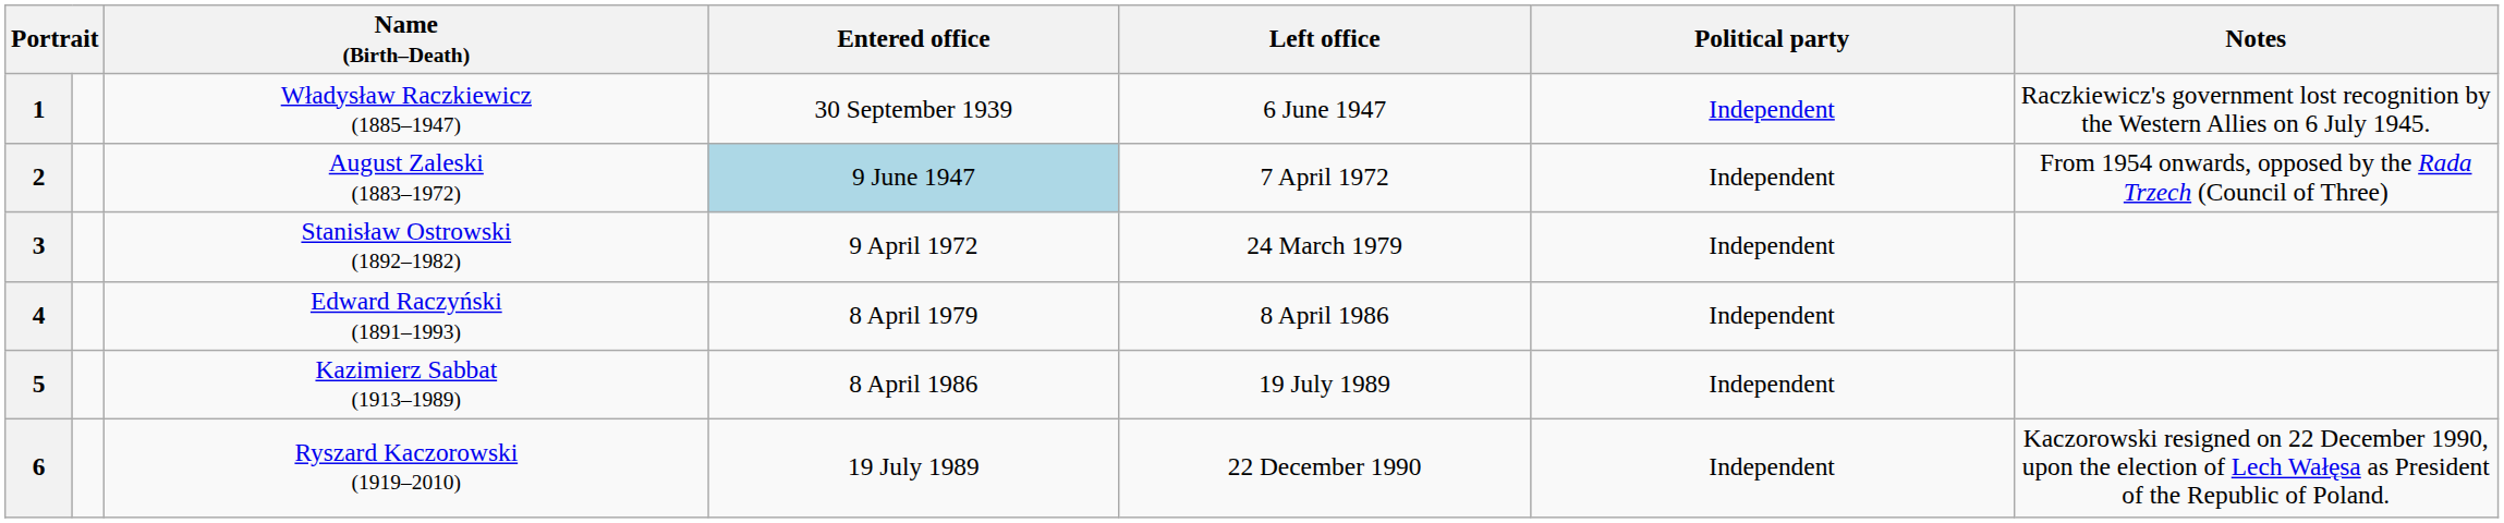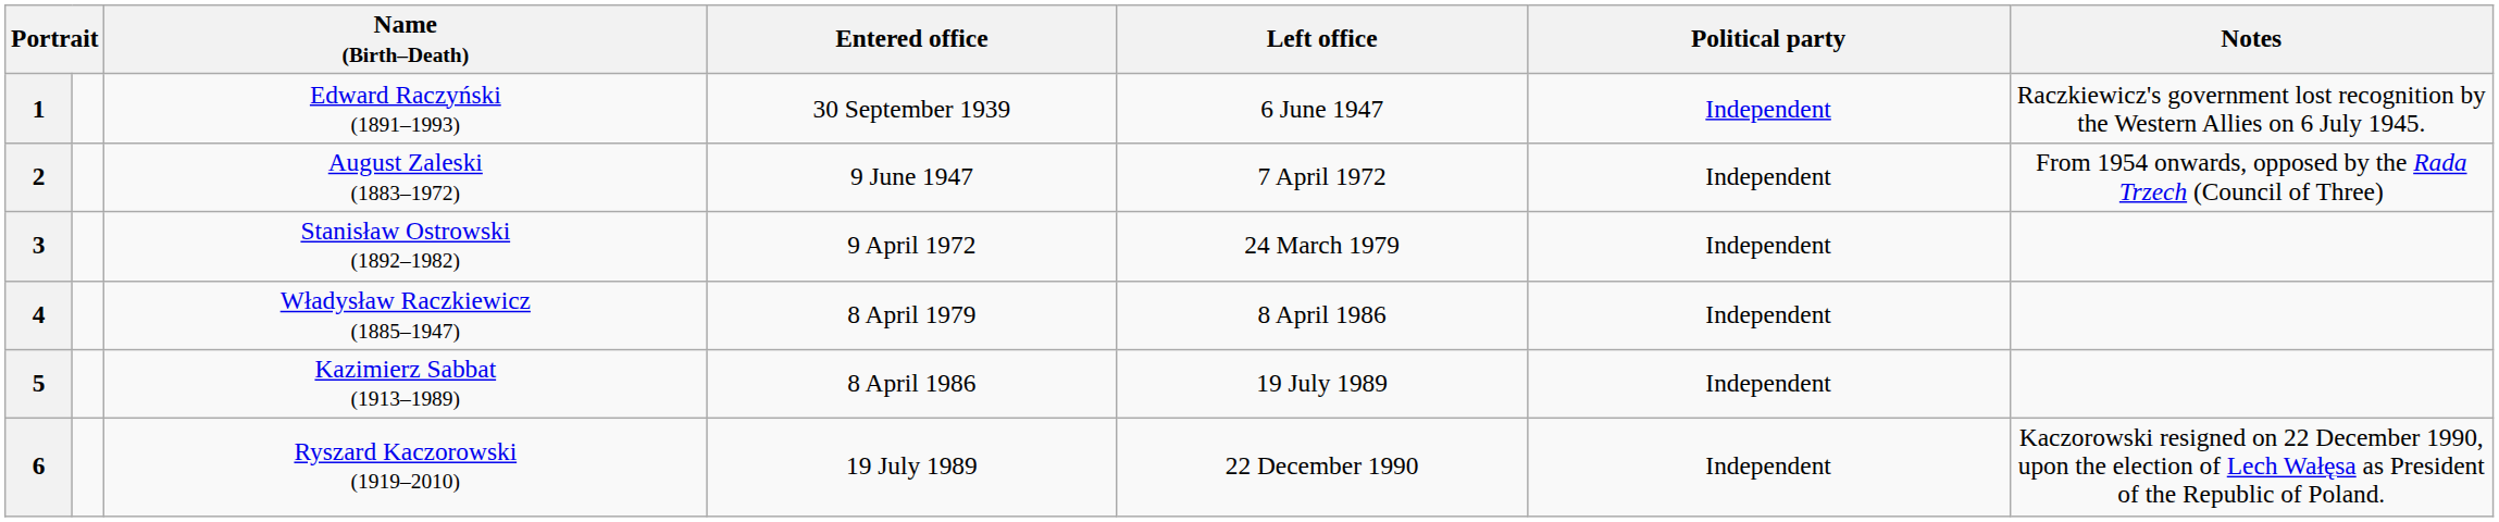 <table class="wikitable" style="text-align:center">
 <tr>
 <th colspan=2>Portrait</th>
 <th width=25%>Name<br><small>(Birth–Death)</small></th>
 <th width=17%>Entered office</th>
 <th width=17%>Left office</th>
 <th width=20%>Political party</th>
 <th width=20%>Notes</th>
 </tr>
 <tr>
 <th style="background:">1</th>
 <td></td>
-<td><a href='#'>Władysław Raczkiewicz</a><br><small>(1885–1947)</small></td>
+<td><a href='#'>Edward Raczyński</a><br><small>(1891–1993)</small></td>
 <td>30 September 1939</td>
 <td>6 June 1947</td>
 <td><a href='#'>Independent</a></td>
 <td>Raczkiewicz's government lost recognition by the Western Allies on 6 July 1945.</td>
 </tr>
 <tr>
 <th style="background:">2</th>
 <td></td>
 <td><a href='#'>August Zaleski</a><br><small>(1883–1972)</small></td>
-<td style="background: lightblue;">9 June 1947</td>
+<td>9 June 1947</td>
 <td>7 April 1972</td>
 <td>Independent</td>
 <td>From 1954 onwards, opposed by the <em><a href='#'>Rada Trzech</a></em> (Council of Three)</td>
 </tr>
 <tr>
 <th style="background:">3</th>
 <td></td>
 <td><a href='#'>Stanisław Ostrowski</a><br><small>(1892–1982)</small></td>
 <td>9 April 1972</td>
 <td>24 March 1979</td>
 <td>Independent</td>
 <td></td>
 </tr>
 <tr>
 <th style="background:">4</th>
 <td></td>
-<td><a href='#'>Edward Raczyński</a><br><small>(1891–1993)</small></td>
+<td><a href='#'>Władysław Raczkiewicz</a><br><small>(1885–1947)</small></td>
 <td>8 April 1979</td>
 <td>8 April 1986</td>
 <td>Independent</td>
 <td></td>
 </tr>
 <tr>
 <th style="background:">5</th>
 <td></td>
 <td><a href='#'>Kazimierz Sabbat</a><br><small>(1913–1989)</small></td>
 <td>8 April 1986</td>
 <td>19 July 1989</td>
 <td>Independent</td>
 <td></td>
 </tr>
 <tr>
 <th style="background:">6</th>
 <td></td>
 <td><a href='#'>Ryszard Kaczorowski</a><br><small>(1919–2010)</small></td>
 <td>19 July 1989</td>
 <td>22 December 1990</td>
 <td>Independent</td>
 <td>Kaczorowski resigned on 22 December 1990, upon the election of <a href='#'>Lech Wałęsa</a> as President of the Republic of Poland.</td>
 </tr>
 </table>
